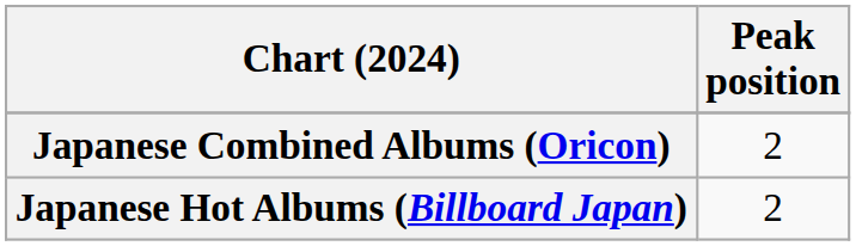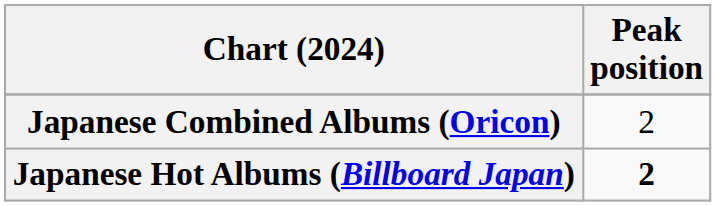 <table class="wikitable plainrowheaders sortable" style="text-align:center">
 <tr>
 <th scope="col">Chart (2024)</th>
 <th scope="col">Peak<br>position</th>
 </tr>
 <tr>
 </tr>
 <tr>
 <th scope="row">Japanese Combined Albums (<a href='#'>Oricon</a>)</th>
 <td>2</td>
 </tr>
 <tr>
 <th scope="row">Japanese Hot Albums (<em><a href='#'>Billboard Japan</a></em>)</th>
-<td>2</td>
+<td><strong>2</strong></td>
 </tr>
 </table>
